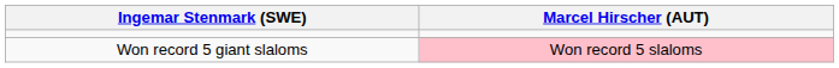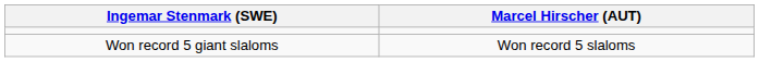 <table class="wikitable" style="text-align:center; width:53%; border:1px #AAAAFF solid">
 <tr>
 <th><a href='#'>Ingemar Stenmark</a> (SWE)</th>
 <th><a href='#'>Marcel Hirscher</a> (AUT)</th>
 </tr>
 <tr>
 <td width=165></td>
 <td width=165></td>
 </tr>
 <tr>
 <td>Won record 5 giant slaloms</td>
-<td style="background: pink;">Won record 5 slaloms</td>
+<td>Won record 5 slaloms</td>
 </tr>
 </table>
